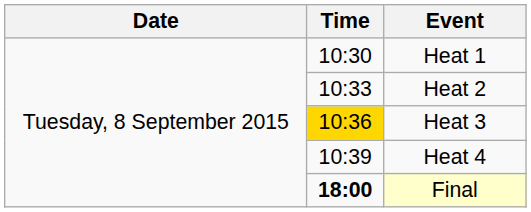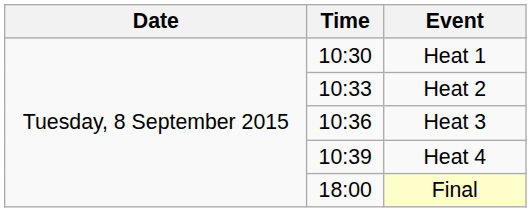 <table class = "wikitable" style="text-align:center;">
 <tr>
 <th width=220>Date</th>
 <th width=50>Time</th>
 <th width=100>Event</th>
 </tr>
 <tr>
 <td rowspan=5>Tuesday, 8 September 2015</td>
 <td>10:30</td>
 <td>Heat 1</td>
 </tr>
 <tr>
 <td>10:33</td>
 <td>Heat 2</td>
 </tr>
 <tr>
-<td style="background: gold;">10:36</td>
+<td>10:36</td>
 <td>Heat 3</td>
 </tr>
 <tr>
 <td>10:39</td>
 <td>Heat 4</td>
 </tr>
 <tr>
-<td><strong>18:00</strong></td>
+<td>18:00</td>
 <td bgcolor=ffffcc>Final</td>
 </tr>
 </table>
